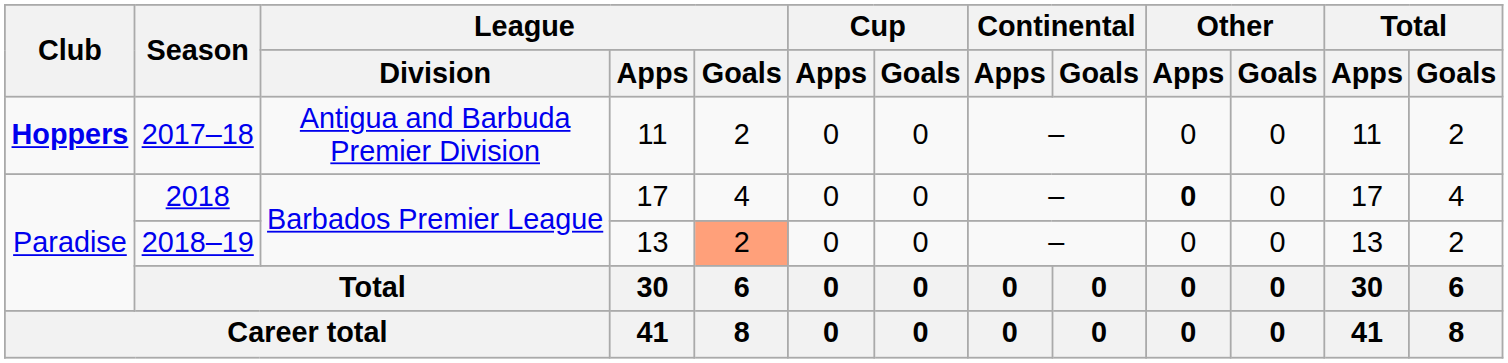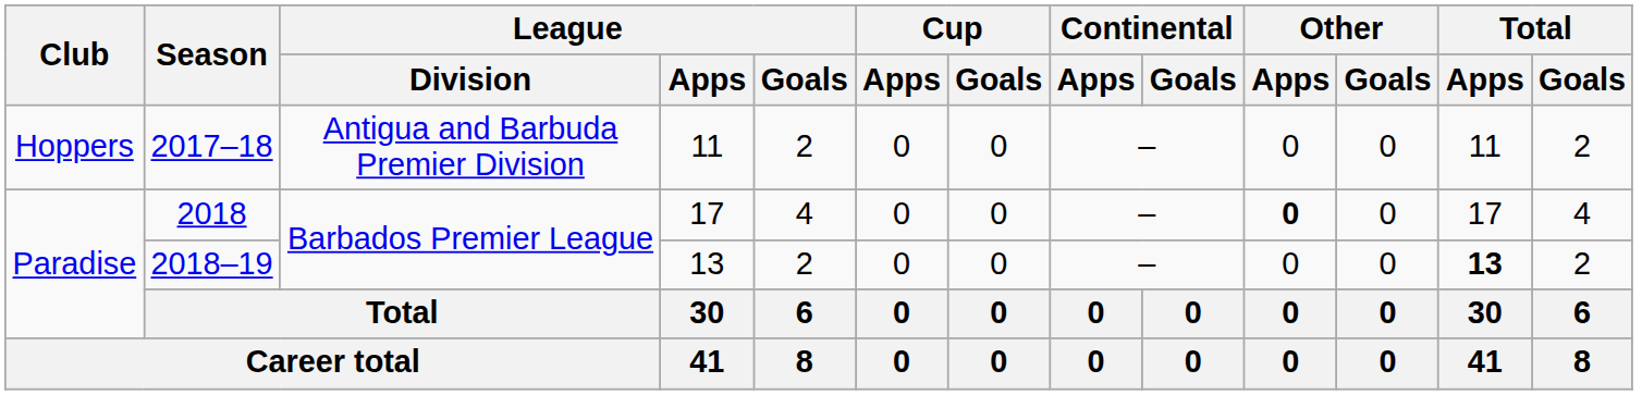 <table class="wikitable" style="text-align:center">
 <tr>
 <th rowspan="2">Club</th>
 <th rowspan="2">Season</th>
 <th colspan="3">League</th>
 <th colspan="2">Cup</th>
 <th colspan="2">Continental</th>
 <th colspan="2">Other</th>
 <th colspan="2">Total</th>
 </tr>
 <tr>
 <th>Division</th>
 <th>Apps</th>
 <th>Goals</th>
 <th>Apps</th>
 <th>Goals</th>
 <th>Apps</th>
 <th>Goals</th>
 <th>Apps</th>
 <th>Goals</th>
 <th>Apps</th>
 <th>Goals</th>
 </tr>
 <tr>
-<td><strong><a href='#'>Hoppers</a></strong></td>
+<td><a href='#'>Hoppers</a></td>
 <td><a href='#'>2017–18</a></td>
 <td><a href='#'>Antigua and Barbuda<br>Premier Division</a></td>
 <td>11</td>
 <td>2</td>
 <td>0</td>
 <td>0</td>
 <td colspan="2">–</td>
 <td>0</td>
 <td>0</td>
 <td>11</td>
 <td>2</td>
 </tr>
 <tr>
 <td rowspan="3"><a href='#'>Paradise</a></td>
 <td><a href='#'>2018</a></td>
 <td rowspan="2"><a href='#'>Barbados Premier League</a></td>
 <td>17</td>
 <td>4</td>
 <td>0</td>
 <td>0</td>
 <td colspan="2">–</td>
 <td><strong>0</strong></td>
 <td>0</td>
 <td>17</td>
 <td>4</td>
 </tr>
 <tr>
 <td><a href='#'>2018–19</a></td>
 <td>13</td>
-<td style="background: lightsalmon;">2</td>
+<td>2</td>
 <td>0</td>
 <td>0</td>
 <td colspan="2">–</td>
 <td>0</td>
 <td>0</td>
-<td>13</td>
+<td><strong>13</strong></td>
 <td>2</td>
 </tr>
 <tr>
 <th colspan="2">Total</th>
 <th>30</th>
 <th>6</th>
 <th>0</th>
 <th>0</th>
 <th>0</th>
 <th>0</th>
 <th>0</th>
 <th>0</th>
 <th>30</th>
 <th>6</th>
 </tr>
 <tr>
 <th colspan="3">Career total</th>
 <th>41</th>
 <th>8</th>
 <th>0</th>
 <th>0</th>
 <th>0</th>
 <th>0</th>
 <th>0</th>
 <th>0</th>
 <th>41</th>
 <th>8</th>
 </tr>
 </table>
